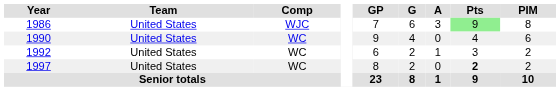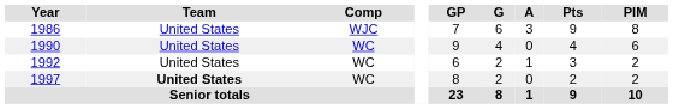 <table border="0" cellpadding="1" cellspacing="0" style="text-align:center; width:50em">
 <tr style="background:#e0e0e0;">
 <th>Year</th>
 <th>Team</th>
 <th>Comp</th>
 <th rowspan="99" style="background:#fff;"> </th>
 <th>GP</th>
 <th>G</th>
 <th>A</th>
 <th>Pts</th>
 <th>PIM</th>
 </tr>
 <tr>
 <td><a href='#'>1986</a></td>
 <td><a href='#'>United States</a></td>
 <td><a href='#'>WJC</a></td>
 <td>7</td>
 <td>6</td>
 <td>3</td>
-<td style="background: lightgreen;">9</td>
+<td>9</td>
 <td>8</td>
 </tr>
 <tr bgcolor="#f0f0f0">
 <td><a href='#'>1990</a></td>
 <td><a href='#'>United States</a></td>
 <td><a href='#'>WC</a></td>
 <td>9</td>
 <td>4</td>
 <td>0</td>
 <td>4</td>
 <td>6</td>
 </tr>
 <tr>
 <td><a href='#'>1992</a></td>
 <td>United States</td>
 <td>WC</td>
 <td>6</td>
 <td>2</td>
 <td>1</td>
 <td>3</td>
 <td>2</td>
 </tr>
 <tr bgcolor="#f0f0f0">
 <td><a href='#'>1997</a></td>
-<td>United States</td>
+<td><strong>United States</strong></td>
 <td>WC</td>
 <td>8</td>
 <td>2</td>
 <td>0</td>
-<td><strong>2</strong></td>
+<td>2</td>
 <td>2</td>
 </tr>
 <tr style="background:#e0e0e0;">
 <th colspan=3>Senior totals</th>
 <th>23</th>
 <th>8</th>
 <th>1</th>
 <th>9</th>
 <th>10</th>
 </tr>
 </table>
